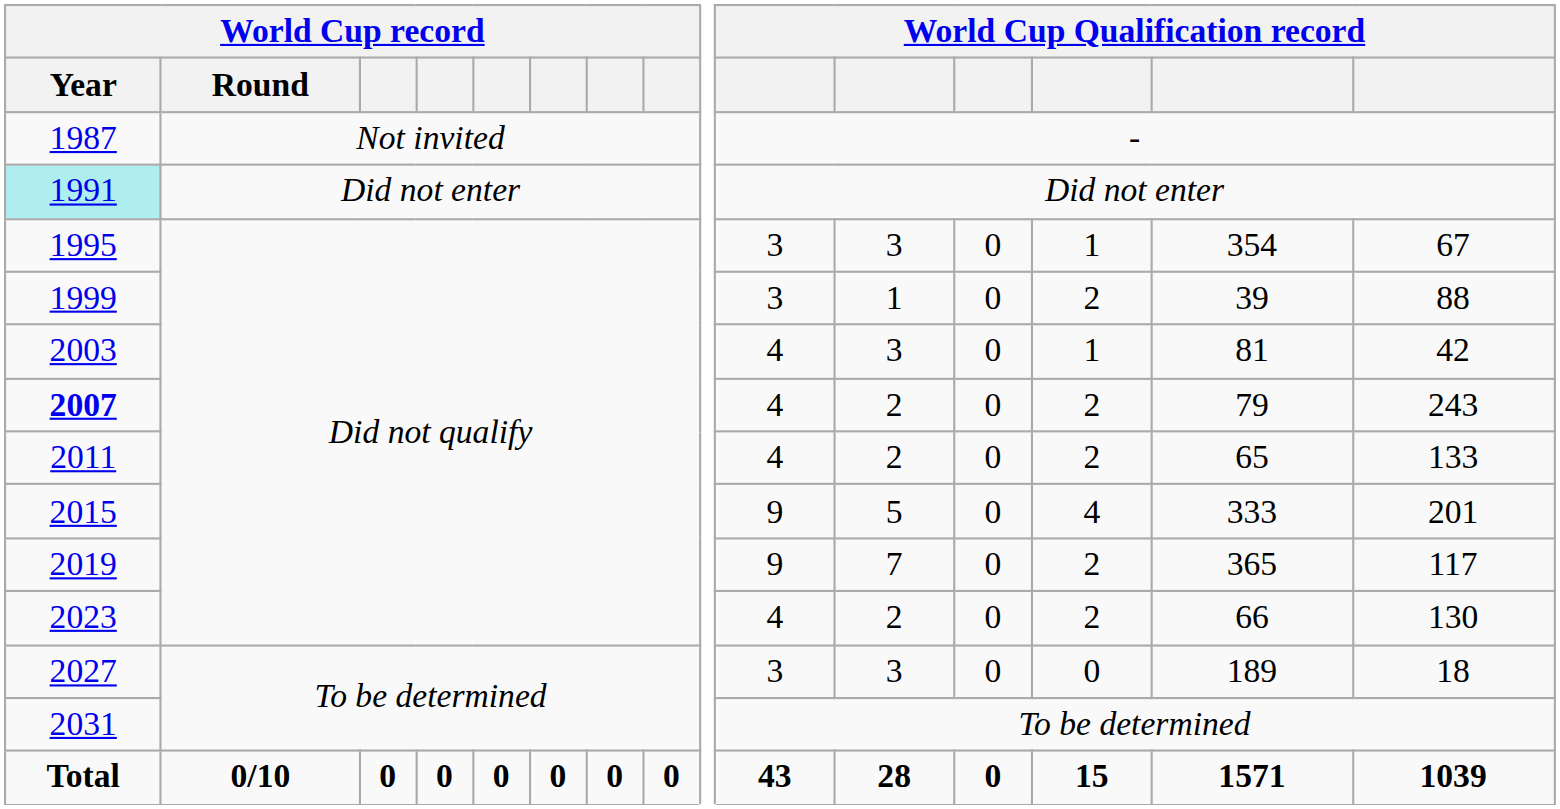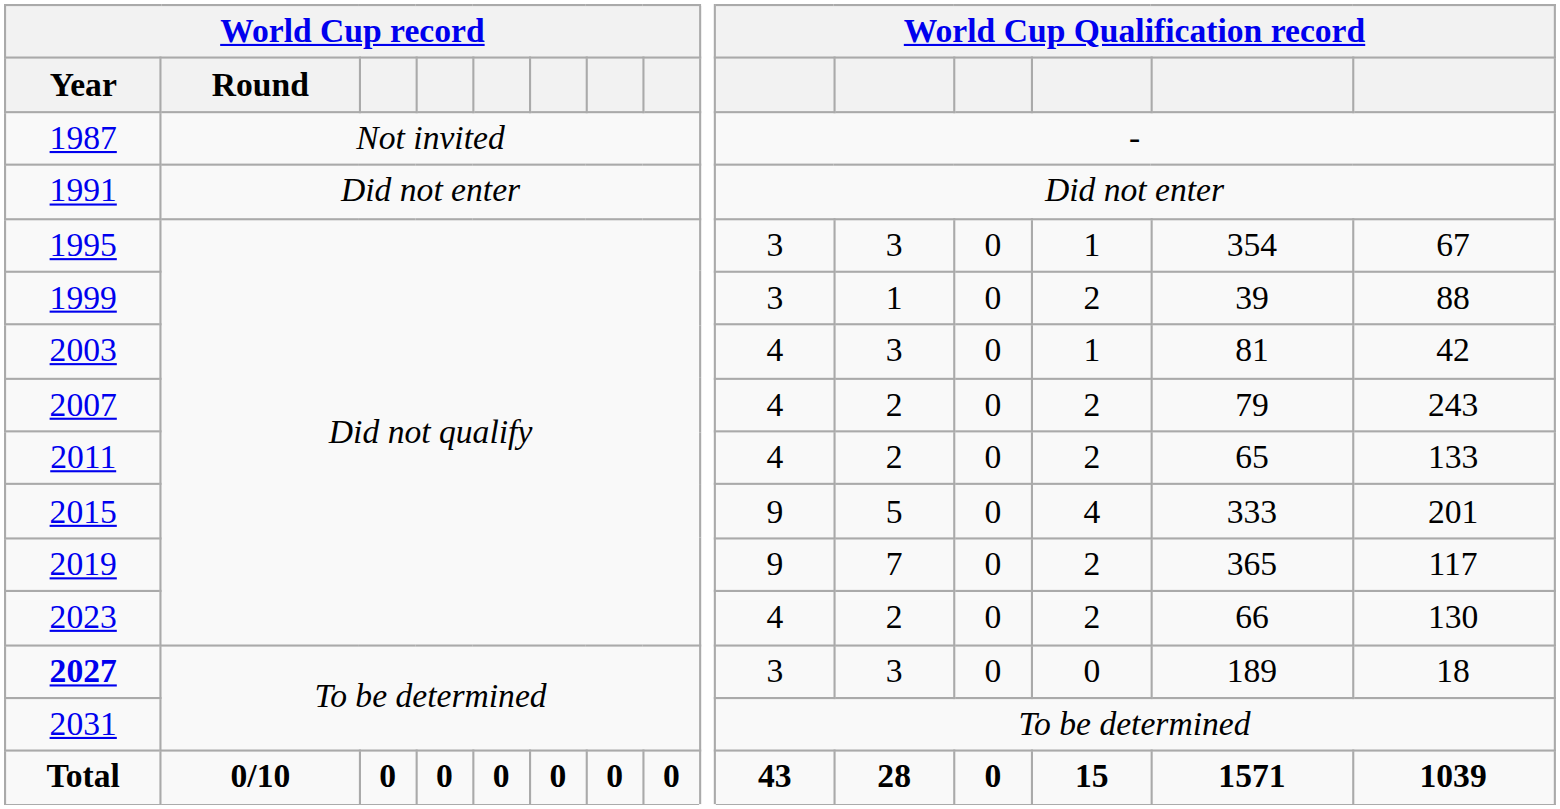 <table class="wikitable" style="text-align: center;">
 <tr>
 <th colspan=8><a href='#'>World Cup record</a></th>
 <th width=1% rowspan=25 style="background:#fff; border-color:#fff #aaa"></th>
 <th colspan=6><a href='#'>World Cup Qualification record</a></th>
 </tr>
 <tr>
 <th>Year</th>
 <th>Round</th>
 <th></th>
 <th></th>
 <th></th>
 <th></th>
 <th></th>
 <th></th>
 <th></th>
 <th></th>
 <th></th>
 <th></th>
 <th></th>
 <th></th>
 </tr>
 <tr>
 <td> <a href='#'>1987</a></td>
 <td colspan=7><em>Not invited</em></td>
 <td colspan=6><em>-</em></td>
 </tr>
 <tr>
-<td style="background: paleturquoise;"> <a href='#'>1991</a></td>
+<td> <a href='#'>1991</a></td>
 <td colspan=7><em>Did not enter</em></td>
 <td colspan=7><em>Did not enter</em></td>
 </tr>
 <tr>
 <td> <a href='#'>1995</a></td>
 <td colspan=7 rowspan=8><em>Did not qualify</em></td>
 <td>3</td>
 <td>3</td>
 <td>0</td>
 <td>1</td>
 <td>354</td>
 <td>67</td>
 </tr>
 <tr>
 <td> <a href='#'>1999</a></td>
 <td>3</td>
 <td>1</td>
 <td>0</td>
 <td>2</td>
 <td>39</td>
 <td>88</td>
 </tr>
 <tr>
 <td> <a href='#'>2003</a></td>
 <td>4</td>
 <td>3</td>
 <td>0</td>
 <td>1</td>
 <td>81</td>
 <td>42</td>
 </tr>
 <tr>
-<td><strong> <a href='#'>2007</a></strong></td>
+<td> <a href='#'>2007</a></td>
 <td>4</td>
 <td>2</td>
 <td>0</td>
 <td>2</td>
 <td>79</td>
 <td>243</td>
 </tr>
 <tr>
 <td> <a href='#'>2011</a></td>
 <td>4</td>
 <td>2</td>
 <td>0</td>
 <td>2</td>
 <td>65</td>
 <td>133</td>
 </tr>
 <tr>
 <td> <a href='#'>2015</a></td>
 <td>9</td>
 <td>5</td>
 <td>0</td>
 <td>4</td>
 <td>333</td>
 <td>201</td>
 </tr>
 <tr>
 <td> <a href='#'>2019</a></td>
 <td>9</td>
 <td>7</td>
 <td>0</td>
 <td>2</td>
 <td>365</td>
 <td>117</td>
 </tr>
 <tr>
 <td> <a href='#'>2023</a></td>
 <td>4</td>
 <td>2</td>
 <td>0</td>
 <td>2</td>
 <td>66</td>
 <td>130</td>
 </tr>
 <tr>
-<td> <a href='#'>2027</a></td>
+<td><strong> <a href='#'>2027</a></strong></td>
 <td colspan=7 rowspan=2><em> To be determined </em></td>
 <td>3</td>
 <td>3</td>
 <td>0</td>
 <td>0</td>
 <td>189</td>
 <td>18</td>
 </tr>
 <tr>
 <td> <a href='#'>2031</a></td>
 <td colspan=7 rowspan=1><em> To be determined </em></td>
 </tr>
 <tr>
 <td><strong>Total</strong></td>
 <td><strong>0/10</strong></td>
 <td><strong>0</strong></td>
 <td><strong>0</strong></td>
 <td><strong>0</strong></td>
 <td><strong>0</strong></td>
 <td><strong>0</strong></td>
 <td><strong>0</strong></td>
 <td><strong>43</strong></td>
 <td><strong>28</strong></td>
 <td><strong>0</strong></td>
 <td><strong>15</strong></td>
 <td><strong>1571</strong></td>
 <td><strong>1039</strong></td>
 </tr>
 <tr>
 </tr>
 </table>
